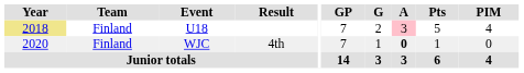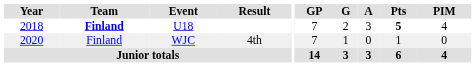 <table border="0" cellpadding="1" cellspacing="0" ID="Table3" style="text-align:center; width:40em;">
 <tr bgcolor="#e0e0e0">
 <th>Year</th>
 <th>Team</th>
 <th>Event</th>
 <th>Result</th>
 <th rowspan="99" bgcolor="#ffffff"></th>
 <th>GP</th>
 <th>G</th>
 <th>A</th>
 <th>Pts</th>
 <th>PIM</th>
 </tr>
 <tr>
-<td style="background: khaki;"><a href='#'>2018</a></td>
-<td><a href='#'>Finland</a></td>
+<td><a href='#'>2018</a></td>
+<td><strong><a href='#'>Finland</a></strong></td>
 <td><a href='#'>U18</a></td>
 <td></td>
 <td>7</td>
 <td>2</td>
-<td style="background: pink;">3</td>
-<td>5</td>
+<td>3</td>
+<td><strong>5</strong></td>
 <td>4</td>
 </tr>
 <tr bgcolor="#f0f0f0">
 <td><a href='#'>2020</a></td>
 <td><a href='#'>Finland</a></td>
 <td><a href='#'>WJC</a></td>
 <td>4th</td>
 <td>7</td>
 <td>1</td>
-<td><strong>0</strong></td>
+<td>0</td>
 <td>1</td>
 <td>0</td>
 </tr>
 <tr bgcolor="#e0e0e0">
 <th colspan="4">Junior totals</th>
 <th>14</th>
 <th>3</th>
 <th>3</th>
 <th>6</th>
 <th>4</th>
 </tr>
 </table>
